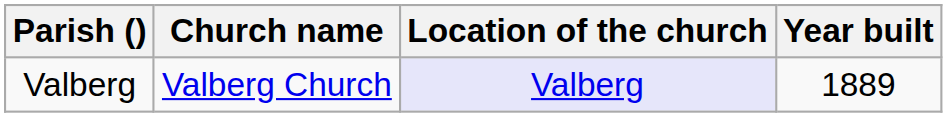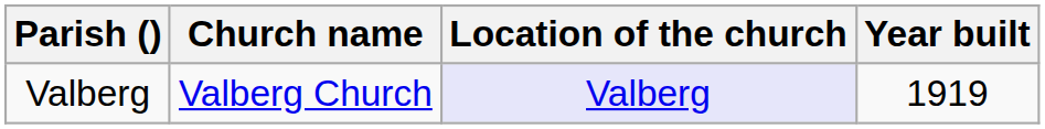 <table class="wikitable" style="text-align:center">
 <tr>
 <th>Parish ()</th>
 <th>Church name</th>
 <th>Location of the church</th>
 <th>Year built</th>
 </tr>
 <tr>
 <td rowspan="1">Valberg</td>
 <td><a href='#'>Valberg Church</a></td>
 <td style="background: lavender;"><a href='#'>Valberg</a></td>
-<td>1889</td>
+<td>1919</td>
 </tr>
 </table>
